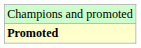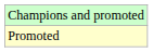 <table class="wikitable">
 <tr width=10px bgcolor="#ccffcc">
 <td>Champions and promoted</td>
 </tr>
 <tr width=10px bgcolor="#FFFFCC">
-<td><strong>Promoted</strong></td>
+<td>Promoted</td>
 </tr>
 </table>
